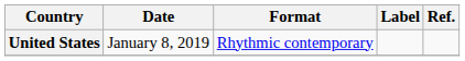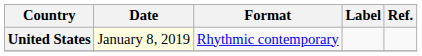 <table class="wikitable plainrowheaders">
 <tr>
 <th scope="col">Country</th>
 <th scope="col">Date</th>
 <th scope="col">Format</th>
 <th scope="col">Label</th>
 <th scope="col">Ref.</th>
 </tr>
 <tr>
 <th scope="row">United States</th>
-<td>January 8, 2019</td>
+<td style="background: lightyellow;">January 8, 2019</td>
 <td><a href='#'>Rhythmic contemporary</a></td>
 <td></td>
 <td></td>
 </tr>
 <tr>
 </tr>
 </table>
